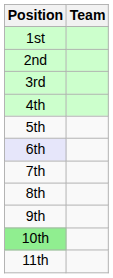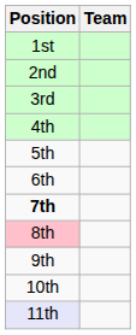 <table class="wikitable">
 <tr>
 <th>Position</th>
 <th>Team</th>
 </tr>
 <tr style="background:#cfc">
 <td style="text-align:center">1st</td>
 <td></td>
 </tr>
 <tr style="background:#cfc">
 <td style="text-align:center">2nd</td>
 <td></td>
 </tr>
 <tr style="background:#cfc">
 <td style="text-align:center">3rd</td>
 <td></td>
 </tr>
 <tr style="background:#cfc">
 <td style="text-align:center">4th</td>
 <td></td>
 </tr>
 <tr>
 <td style="text-align:center">5th</td>
 <td></td>
 </tr>
 <tr>
-<td style="background: lavender; text-align:center">6th</td>
+<td style="text-align:center">6th</td>
 <td></td>
 </tr>
 <tr>
-<td style="text-align:center">7th</td>
+<td style="text-align:center"><strong>7th</strong></td>
 <td></td>
 </tr>
 <tr>
-<td style="text-align:center">8th</td>
+<td style="background: pink; text-align:center">8th</td>
 <td></td>
 </tr>
 <tr>
 <td style="text-align:center">9th</td>
 <td></td>
 </tr>
 <tr>
-<td style="background: lightgreen; text-align:center">10th</td>
+<td style="text-align:center">10th</td>
 <td></td>
 </tr>
 <tr>
-<td style="text-align:center">11th</td>
+<td style="background: lavender; text-align:center">11th</td>
 <td></td>
 </tr>
 </table>
